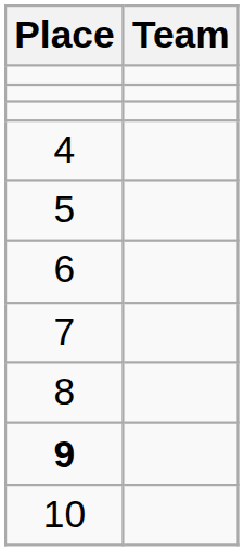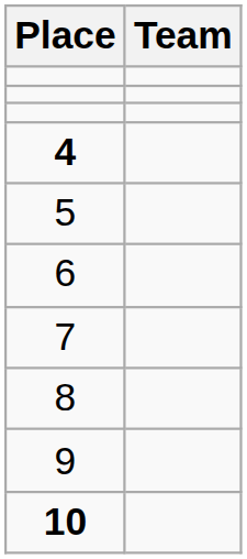 <table class="wikitable">
 <tr>
 <th>Place</th>
 <th>Team</th>
 </tr>
 <tr>
 <td align=center></td>
 <td></td>
 </tr>
 <tr>
 <td align=center></td>
 <td></td>
 </tr>
 <tr>
 <td align=center></td>
 <td></td>
 </tr>
 <tr>
-<td align=center>4</td>
+<td align=center><strong>4</strong></td>
 <td></td>
 </tr>
 <tr>
 <td align=center>5</td>
 <td></td>
 </tr>
 <tr>
 <td align=center>6</td>
 <td></td>
 </tr>
 <tr>
 <td align=center>7</td>
 <td></td>
 </tr>
 <tr>
 <td align=center>8</td>
 <td></td>
 </tr>
 <tr>
-<td align=center><strong>9</strong></td>
+<td align=center>9</td>
 <td></td>
 </tr>
 <tr>
-<td align=center>10</td>
+<td align=center><strong>10</strong></td>
 <td></td>
 </tr>
 </table>
